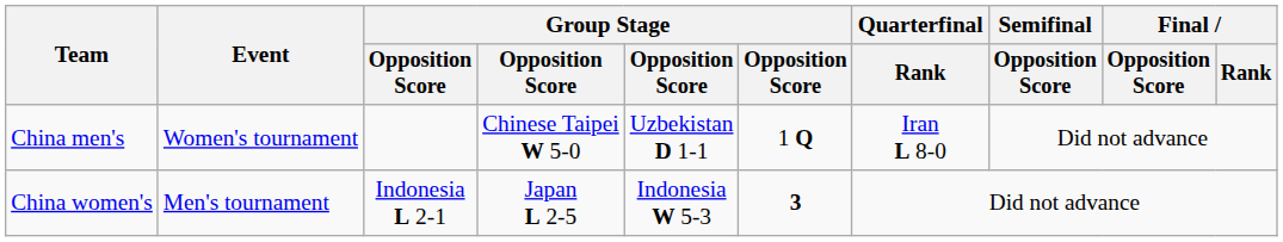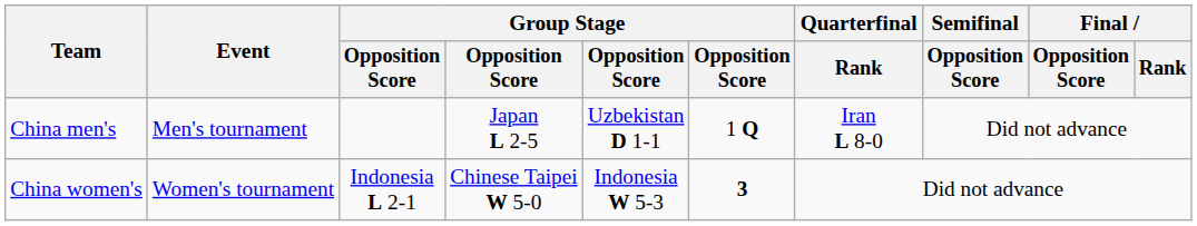 <table class="wikitable" style="font-size:90%">
 <tr>
 <th rowspan=2>Team</th>
 <th rowspan=2>Event</th>
 <th colspan=4>Group Stage</th>
 <th>Quarterfinal</th>
 <th>Semifinal</th>
 <th colspan=2>Final / </th>
 </tr>
 <tr style="font-size:95%">
 <th>Opposition<br>Score</th>
 <th>Opposition<br>Score</th>
 <th>Opposition<br>Score</th>
 <th>Opposition<br>Score</th>
 <th>Rank</th>
 <th>Opposition<br>Score</th>
 <th>Opposition<br>Score</th>
 <th>Rank</th>
 </tr>
 <tr align=center>
 <td align=left><a href='#'>China men's</a></td>
-<td align=left><a href='#'>Women's tournament</a></td>
+<td align=left><a href='#'>Men's tournament</a></td>
 <td></td>
-<td> <a href='#'>Chinese Taipei</a><br><strong>W</strong> 5-0</td>
+<td> <a href='#'>Japan</a><br><strong>L</strong> 2-5</td>
 <td> <a href='#'>Uzbekistan</a><br><strong>D</strong> 1-1</td>
 <td>1 <strong>Q</strong></td>
 <td> <a href='#'>Iran</a><br><strong>L</strong> 8-0</td>
 <td colspan=3>Did not advance</td>
 </tr>
 <tr align=center>
 <td align=left><a href='#'>China women's</a></td>
-<td align=left><a href='#'>Men's tournament</a></td>
+<td align=left><a href='#'>Women's tournament</a></td>
 <td> <a href='#'>Indonesia</a><br><strong>L</strong> 2-1</td>
-<td> <a href='#'>Japan</a><br><strong>L</strong> 2-5</td>
+<td> <a href='#'>Chinese Taipei</a><br><strong>W</strong> 5-0</td>
 <td> <a href='#'>Indonesia</a><br><strong>W</strong> 5-3</td>
 <td><strong>3</strong></td>
 <td colspan=4>Did not advance</td>
 </tr>
 </table>
